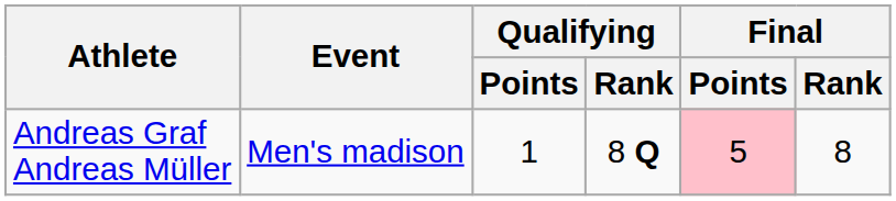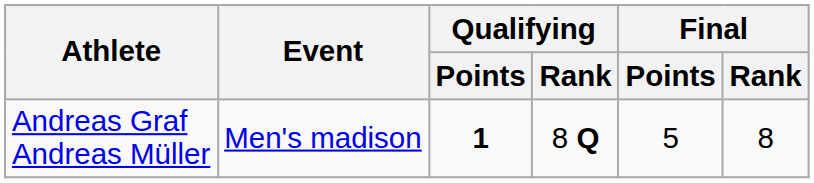 <table class="wikitable" style="font-size:90%">
 <tr>
 <th rowspan=2>Athlete</th>
 <th rowspan=2>Event</th>
 <th colspan=2>Qualifying</th>
 <th colspan=2>Final</th>
 </tr>
 <tr>
 <th>Points</th>
 <th>Rank</th>
 <th>Points</th>
 <th>Rank</th>
 </tr>
 <tr align=center>
 <td align=left><a href='#'>Andreas Graf</a><br><a href='#'>Andreas Müller</a></td>
 <td align=left><a href='#'>Men's madison</a></td>
-<td>1</td>
+<td><strong>1</strong></td>
 <td>8 <strong>Q</strong></td>
-<td style="background: pink;">5</td>
+<td>5</td>
 <td>8</td>
 </tr>
 </table>
